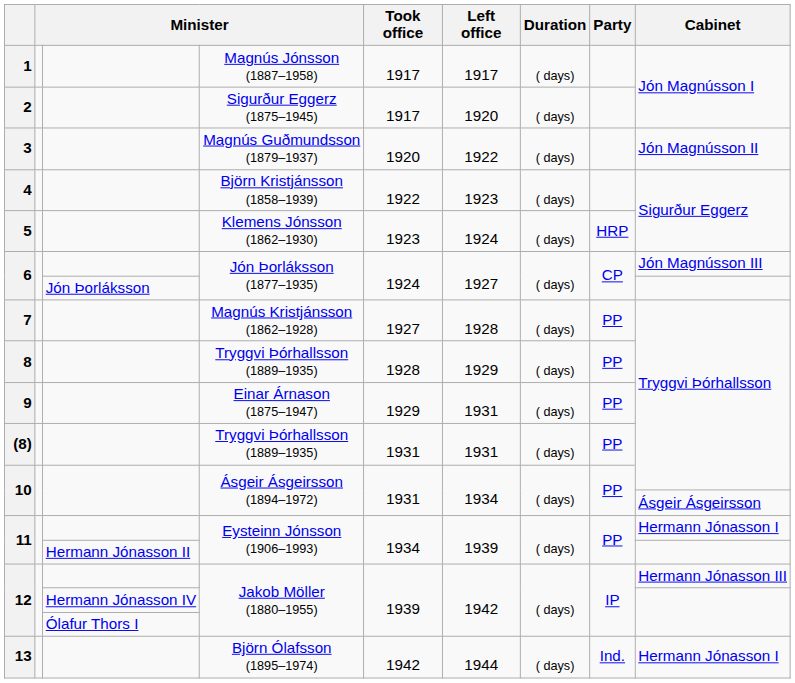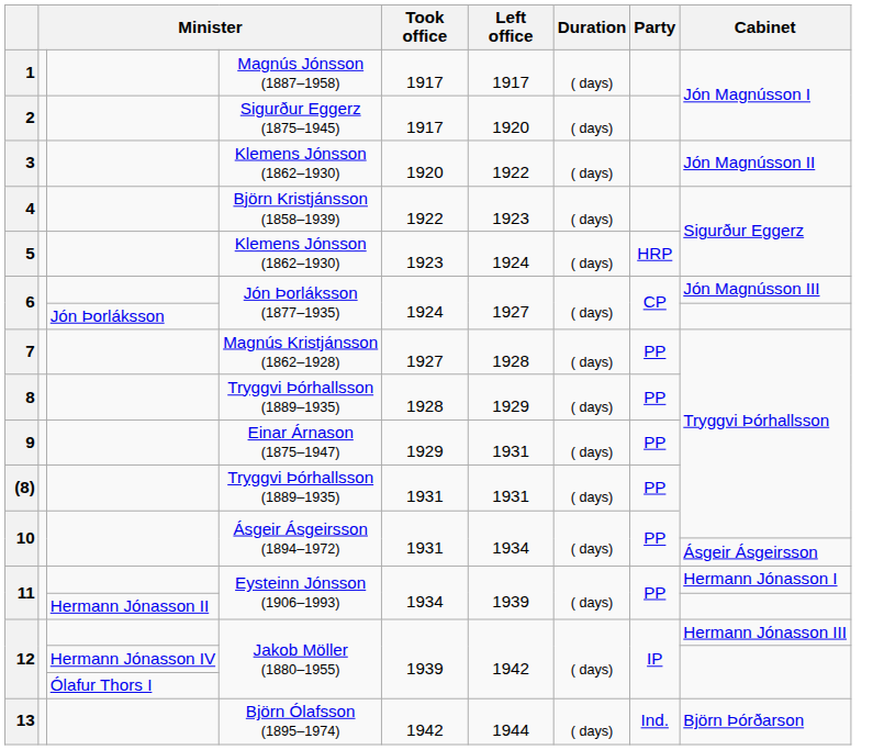 <table class="wikitable" style="text-align: center;">
 <tr>
 <th width="25px"></th>
 <th colspan="3">Minister</th>
 <th width="75px">Took office</th>
 <th width="75px">Left office</th>
 <th>Duration</th>
 <th>Party</th>
 <th>Cabinet</th>
 </tr>
 <tr>
 <th style="text-align: right;">1</th>
 <td></td>
 <td></td>
 <td><a href='#'>Magnús Jónsson</a><br><small>(1887–1958)</small></td>
 <td><br>1917</td>
 <td><br>1917</td>
 <td><br><small>( days)</small></td>
 <td></td>
 <td rowspan="2" style="text-align: left;"><a href='#'>Jón Magnússon I</a></td>
 </tr>
 <tr>
 <th style="text-align: right;">2</th>
 <td></td>
 <td></td>
 <td><a href='#'>Sigurður Eggerz</a><br><small>(1875–1945)</small></td>
 <td><br>1917</td>
 <td><br>1920</td>
 <td><br><small>( days)</small></td>
 <td></td>
 </tr>
 <tr>
 <th style="text-align: right;">3</th>
 <td></td>
 <td></td>
-<td><a href='#'>Magnús Guðmundsson</a><br><small>(1879–1937)</small></td>
+<td><a href='#'>Klemens Jónsson</a><br><small>(1862–1930)</small></td>
 <td><br>1920</td>
 <td><br>1922</td>
 <td><br><small>( days)</small></td>
 <td></td>
 <td style="text-align: left;"><a href='#'>Jón Magnússon II</a></td>
 </tr>
 <tr>
 <th style="text-align: right;">4</th>
 <td></td>
 <td></td>
 <td><a href='#'>Björn Kristjánsson</a><br><small>(1858–1939)</small></td>
 <td><br>1922</td>
 <td><br>1923</td>
 <td><br><small>( days)</small></td>
 <td></td>
 <td rowspan="2" style="text-align: left;"><a href='#'>Sigurður Eggerz</a></td>
 </tr>
 <tr>
 <th style="text-align: right;">5</th>
 <td></td>
 <td></td>
 <td><a href='#'>Klemens Jónsson</a><br><small>(1862–1930)</small></td>
 <td><br>1923</td>
 <td><br>1924</td>
 <td><br><small>( days)</small></td>
 <td><a href='#'>HRP</a></td>
 </tr>
 <tr>
 <th rowspan="2" style="text-align: right;">6</th>
 <td rowspan="2"></td>
 <td></td>
 <td rowspan="2"><a href='#'>Jón Þorláksson</a><br><small>(1877–1935)</small></td>
 <td rowspan="2"><br>1924</td>
 <td rowspan="2"><br>1927</td>
 <td rowspan="2"><br><small>( days)</small></td>
 <td rowspan="2"><a href='#'>CP</a></td>
 <td style="text-align: left;"><a href='#'>Jón Magnússon III</a></td>
 </tr>
 <tr>
 <td style="text-align: left;"><a href='#'>Jón Þorláksson</a></td>
 </tr>
 <tr>
 <th style="text-align: right;">7</th>
 <td></td>
 <td></td>
 <td><a href='#'>Magnús Kristjánsson</a><br><small>(1862–1928)</small></td>
 <td><br>1927</td>
 <td><br>1928</td>
 <td><br><small>( days)</small></td>
 <td><a href='#'>PP</a></td>
 <td rowspan="4" style="text-align: left;"><a href='#'>Tryggvi Þórhallsson</a></td>
 </tr>
 <tr>
 <th style="text-align: right;">8</th>
 <td></td>
 <td></td>
 <td><a href='#'>Tryggvi Þórhallsson</a><br><small>(1889–1935)</small></td>
 <td><br>1928</td>
 <td><br>1929</td>
 <td><br><small>( days)</small></td>
 <td><a href='#'>PP</a></td>
 </tr>
 <tr>
 <th style="text-align: right;">9</th>
 <td></td>
 <td></td>
 <td><a href='#'>Einar Árnason</a><br><small>(1875–1947)</small></td>
 <td><br>1929</td>
 <td><br>1931</td>
 <td><br><small>( days)</small></td>
 <td><a href='#'>PP</a></td>
 </tr>
 <tr>
 <th style="text-align: right;">(8)</th>
 <td></td>
 <td></td>
 <td><a href='#'>Tryggvi Þórhallsson</a><br><small>(1889–1935)</small></td>
 <td><br>1931</td>
 <td><br>1931</td>
 <td><br><small>( days)</small></td>
 <td><a href='#'>PP</a></td>
 </tr>
 <tr>
 <th rowspan="2" style="text-align: right;">10</th>
 <td rowspan="2"></td>
 <td height="20" style="border-bottom:solid 0 grey; background:"></td>
 <td rowspan="2"><a href='#'>Ásgeir Ásgeirsson</a><br><small>(1894–1972)</small></td>
 <td rowspan="2"><br>1931</td>
 <td rowspan="2"><br>1934</td>
 <td rowspan="2"><br><small>( days)</small></td>
 <td rowspan="2"><a href='#'>PP</a></td>
 <td style="text-align: left; border-top-style: hidden;"></td>
 </tr>
 <tr>
 <td height="20" style="border-top:solid 0 grey; background:"></td>
 <td style="text-align: left;"><a href='#'>Ásgeir Ásgeirsson</a></td>
 </tr>
 <tr>
 <th rowspan="2" style="text-align: right;">11</th>
 <td rowspan="2"></td>
 <td></td>
 <td rowspan="2"><a href='#'>Eysteinn Jónsson</a><br><small>(1906–1993)</small></td>
 <td rowspan="2"><br>1934</td>
 <td rowspan="2"><br>1939</td>
 <td rowspan="2"><br><small>( days)</small></td>
 <td rowspan="2"><a href='#'>PP</a></td>
 <td style="text-align: left;"><a href='#'>Hermann Jónasson I</a></td>
 </tr>
 <tr>
 <td style="text-align: left;"><a href='#'>Hermann Jónasson II</a></td>
 </tr>
 <tr>
 <th rowspan="3" style="text-align: right;">12</th>
 <td rowspan="3"></td>
 <td></td>
 <td rowspan="3"><a href='#'>Jakob Möller</a><br><small>(1880–1955)</small></td>
 <td rowspan="3"><br>1939</td>
 <td rowspan="3"><br>1942</td>
 <td rowspan="3"><br><small>( days)</small></td>
 <td rowspan="3"><a href='#'>IP</a></td>
 <td style="text-align: left;"><a href='#'>Hermann Jónasson III</a></td>
 </tr>
 <tr>
 <td style="text-align: left;"><a href='#'>Hermann Jónasson IV</a></td>
 </tr>
 <tr>
 <td style="text-align: left;"><a href='#'>Ólafur Thors I</a></td>
 </tr>
 <tr>
 <th style="text-align: right;">13</th>
 <td></td>
 <td></td>
 <td><a href='#'>Björn Ólafsson</a><br><small>(1895–1974)</small></td>
 <td><br>1942</td>
 <td><br>1944</td>
 <td><br><small>( days)</small></td>
 <td><a href='#'>Ind.</a></td>
-<td style="text-align: left;"><a href='#'>Hermann Jónasson I</a></td>
+<td style="text-align: left;"><a href='#'>Björn Þórðarson</a></td>
 </tr>
 </table>
